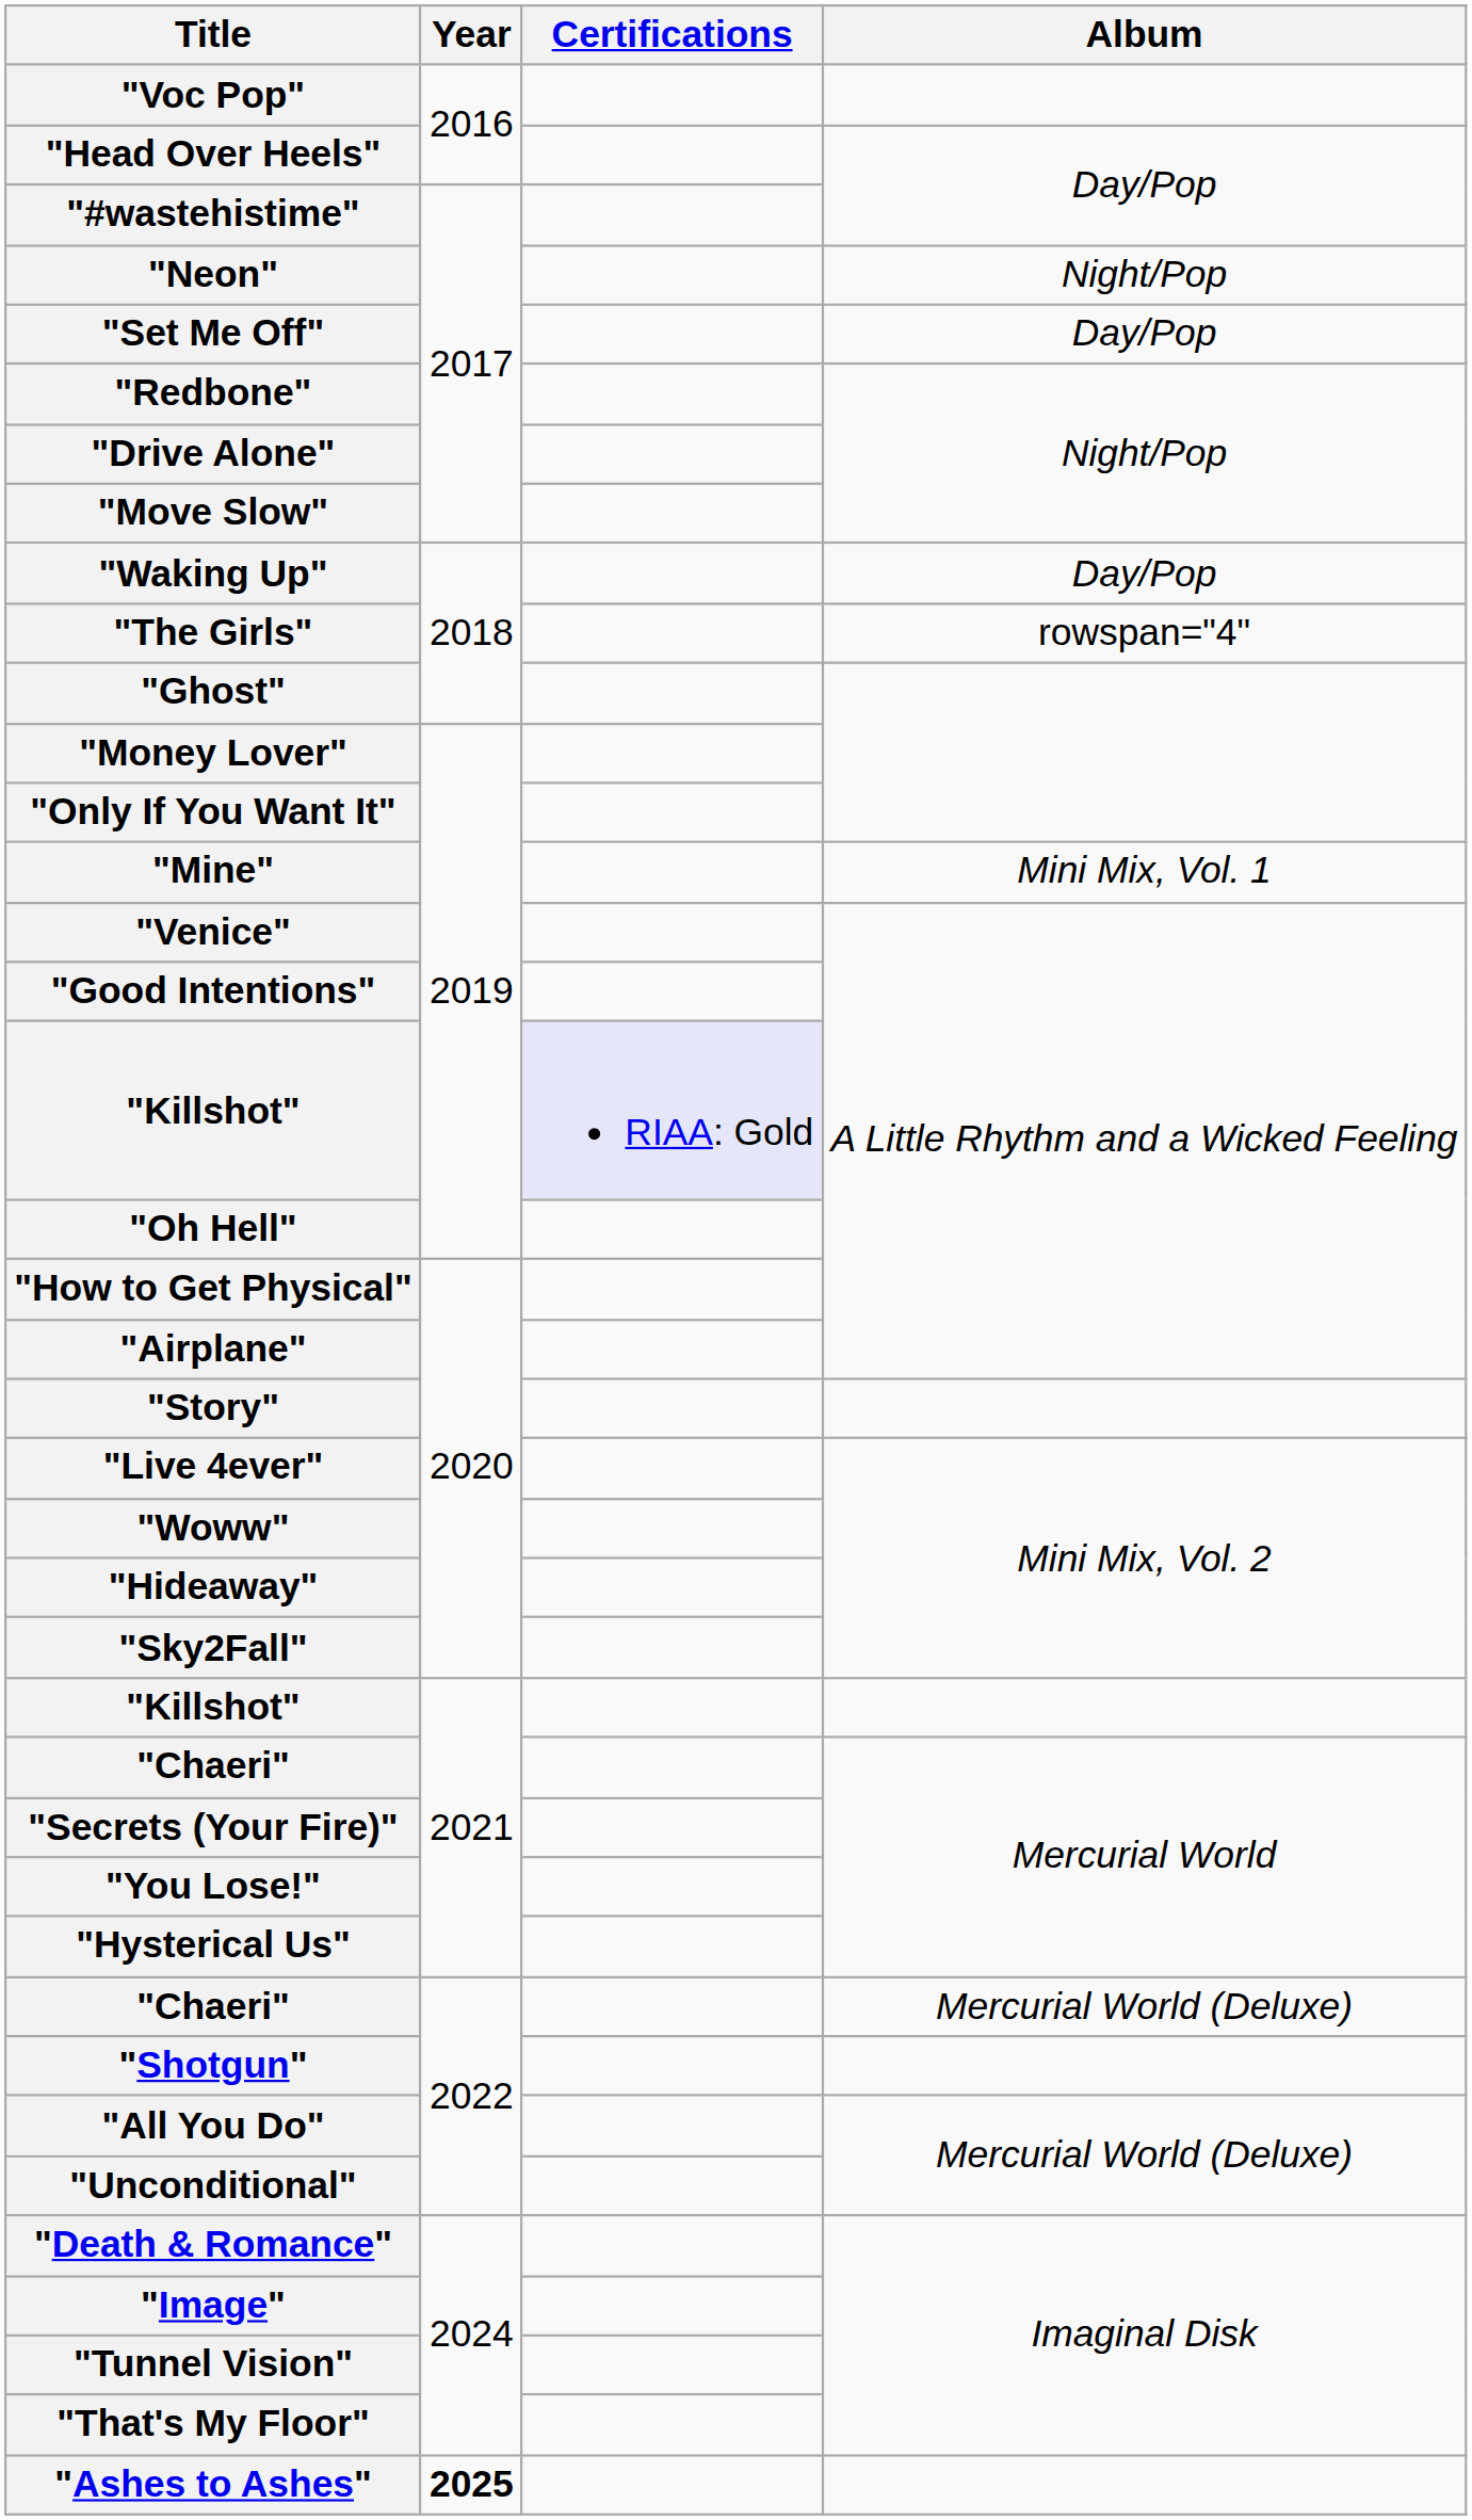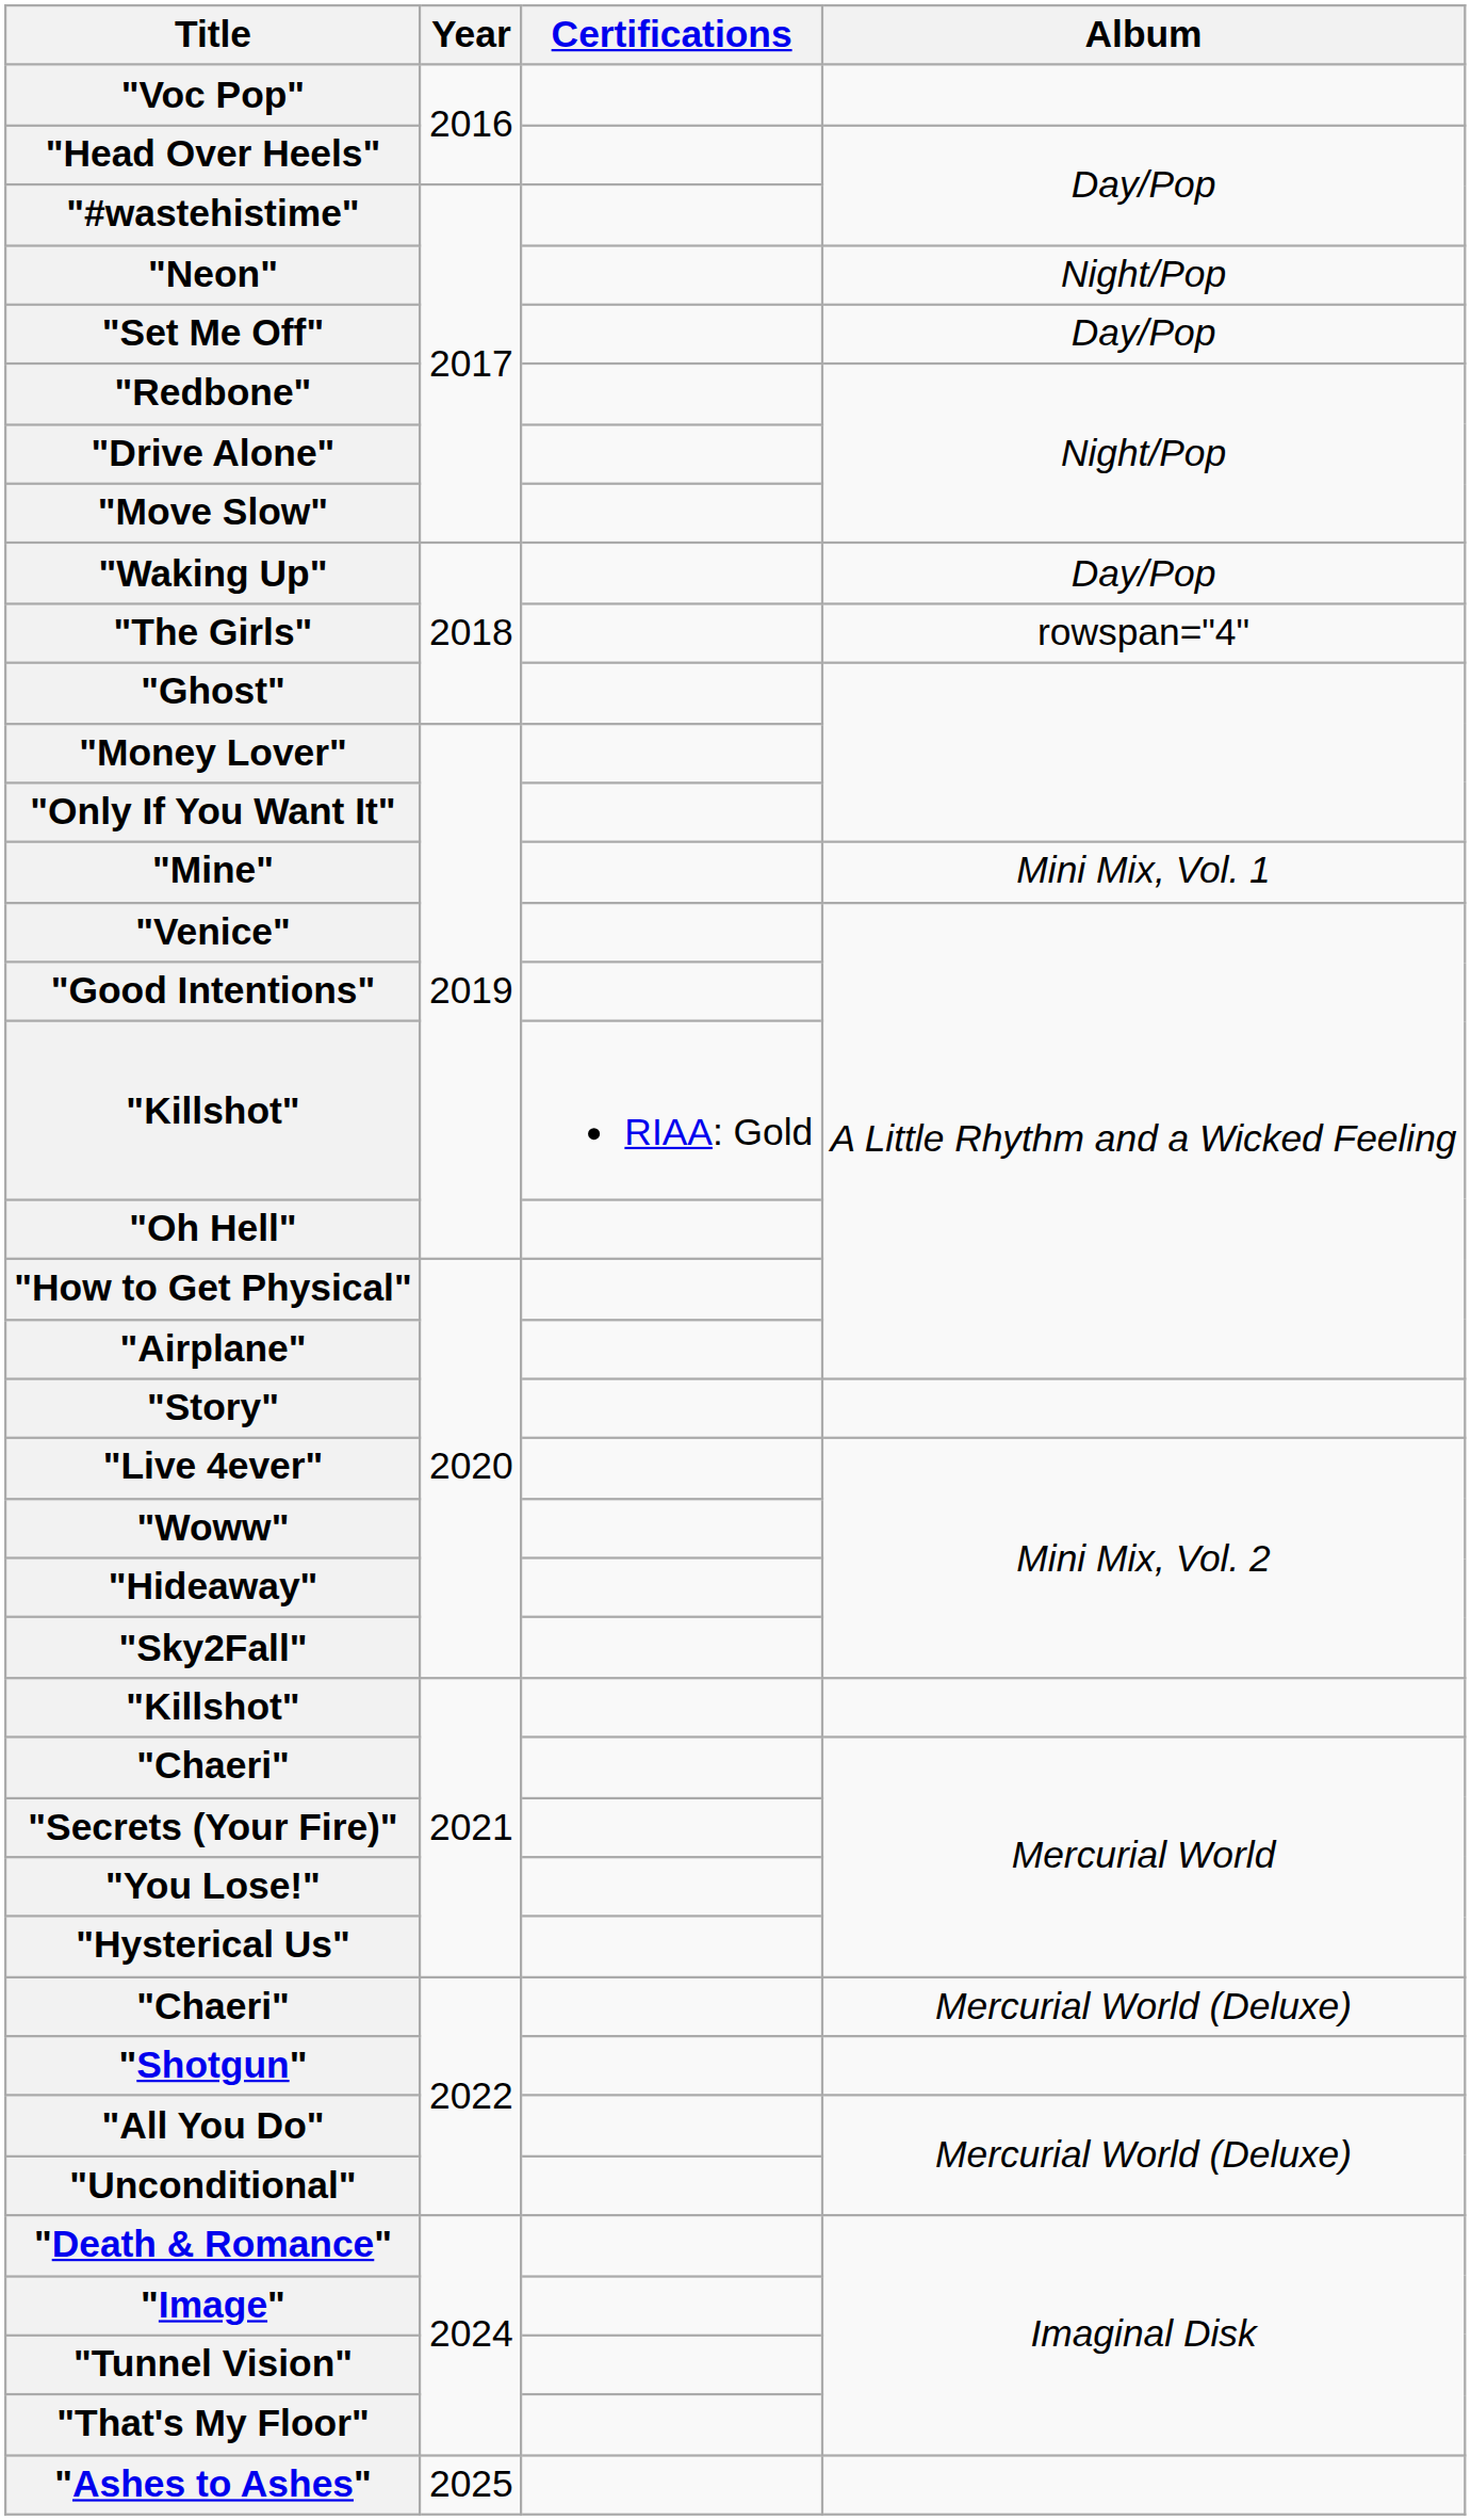 <table class="wikitable plainrowheaders" style="text-align:center;">
 <tr>
 <th scope="col">Title</th>
 <th scope="col">Year</th>
 <th scope="col"><a href='#'>Certifications</a></th>
 <th scope="col">Album</th>
 </tr>
 <tr>
 <th scope="row">"Voc Pop"</th>
 <td rowspan="2">2016</td>
 <td></td>
 <td></td>
 </tr>
 <tr>
 <th scope="row">"Head Over Heels"</th>
 <td></td>
 <td rowspan="2"><em>Day/Pop</em></td>
 </tr>
 <tr>
 <th scope="row">"#wastehistime"</th>
 <td rowspan="6">2017</td>
 <td></td>
 </tr>
 <tr>
 <th scope="row">"Neon"</th>
 <td></td>
 <td><em>Night/Pop</em></td>
 </tr>
 <tr>
 <th scope="row">"Set Me Off"</th>
 <td></td>
 <td><em>Day/Pop</em></td>
 </tr>
 <tr>
 <th scope="row">"Redbone"</th>
 <td></td>
 <td rowspan="3"><em>Night/Pop</em></td>
 </tr>
 <tr>
 <th scope="row">"Drive Alone"</th>
 <td></td>
 </tr>
 <tr>
 <th scope="row">"Move Slow"</th>
 <td></td>
 </tr>
 <tr>
 <th scope="row">"Waking Up"</th>
 <td rowspan="3">2018</td>
 <td></td>
 <td><em>Day/Pop</em></td>
 </tr>
 <tr>
 <th scope="row">"The Girls"</th>
 <td></td>
 <td>rowspan="4" </td>
 </tr>
 <tr>
 <th scope="row">"Ghost"</th>
 <td></td>
 </tr>
 <tr>
 <th scope="row">"Money Lover"</th>
 <td rowspan="7">2019</td>
 <td></td>
 </tr>
 <tr>
 <th scope="row">"Only If You Want It"</th>
 <td></td>
 </tr>
 <tr>
 <th scope="row">"Mine"</th>
 <td></td>
 <td><em>Mini Mix, Vol. 1</em></td>
 </tr>
 <tr>
 <th scope="row">"Venice"</th>
 <td></td>
 <td rowspan="6"><em>A Little Rhythm and a Wicked Feeling</em></td>
 </tr>
 <tr>
 <th scope="row">"Good Intentions"</th>
 <td></td>
 </tr>
 <tr>
 <th scope="row">"Killshot"</th>
-<td style="background: lavender;"><br><ul><li><a href='#'>RIAA</a>: Gold</li></ul></td>
+<td><br><ul><li><a href='#'>RIAA</a>: Gold</li></ul></td>
 </tr>
 <tr>
 <th scope="row">"Oh Hell"</th>
 <td></td>
 </tr>
 <tr>
 <th scope="row">"How to Get Physical"</th>
 <td rowspan="7">2020</td>
 <td></td>
 </tr>
 <tr>
 <th scope="row">"Airplane"</th>
 <td></td>
 </tr>
 <tr>
 <th scope="row">"Story" <br></th>
 <td></td>
 <td></td>
 </tr>
 <tr>
 <th scope="row">"Live 4ever"</th>
 <td></td>
 <td rowspan="4"><em>Mini Mix, Vol. 2</em></td>
 </tr>
 <tr>
 <th scope="row">"Woww"</th>
 <td></td>
 </tr>
 <tr>
 <th scope="row">"Hideaway"</th>
 <td></td>
 </tr>
 <tr>
 <th scope="row">"Sky2Fall"</th>
 <td></td>
 </tr>
 <tr>
 <th scope="row">"Killshot" <br></th>
 <td rowspan="5">2021</td>
 <td></td>
 <td></td>
 </tr>
 <tr>
 <th scope="row">"Chaeri"</th>
 <td></td>
 <td rowspan="4"><em>Mercurial World</em></td>
 </tr>
 <tr>
 <th scope="row">"Secrets (Your Fire)"</th>
 <td></td>
 </tr>
 <tr>
 <th scope="row">"You Lose!"</th>
 <td></td>
 </tr>
 <tr>
 <th scope="row">"Hysterical Us"</th>
 <td></td>
 </tr>
 <tr>
 <th scope="row">"Chaeri"<br></th>
 <td rowspan="4">2022</td>
 <td></td>
 <td><em>Mercurial World (Deluxe)</em></td>
 </tr>
 <tr>
 <th scope="row">"<a href='#'>Shotgun</a>" </th>
 <td></td>
 <td></td>
 </tr>
 <tr>
 <th scope="row">"All You Do"</th>
 <td></td>
 <td rowspan="2"><em>Mercurial World (Deluxe)</em></td>
 </tr>
 <tr>
 <th scope="row">"Unconditional"</th>
 <td></td>
 </tr>
 <tr>
 <th scope="row">"<a href='#'>Death & Romance</a>"</th>
 <td rowspan="4">2024</td>
 <td></td>
 <td rowspan="4"><em>Imaginal Disk</em></td>
 </tr>
 <tr>
 <th scope="row">"<a href='#'>Image</a>"</th>
 <td></td>
 </tr>
 <tr>
 <th scope="row">"Tunnel Vision"</th>
 <td></td>
 </tr>
 <tr>
 <th scope="row">"That's My Floor"</th>
 <td></td>
 </tr>
 <tr>
 <th scope="row">"<a href='#'>Ashes to Ashes</a>" <br></th>
-<td><strong>2025</strong></td>
+<td>2025</td>
 <td></td>
 <td></td>
 </tr>
 </table>
